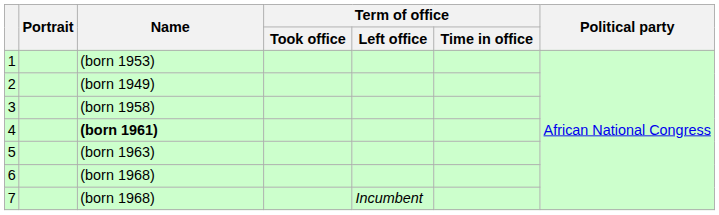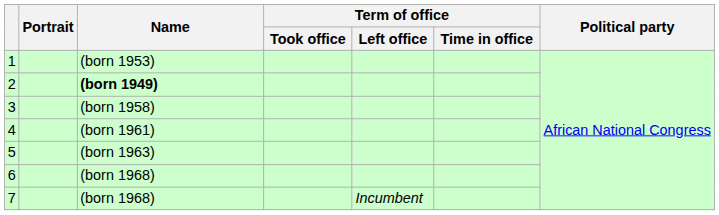 <table class="wikitable sortable">
 <tr>
 <th rowspan="2"></th>
 <th rowspan="2">Portrait</th>
 <th rowspan="2" width="200px">Name<br></th>
 <th colspan="3" width="300px">Term of office</th>
 <th rowspan="2">Political party</th>
 </tr>
 <tr>
 <th>Took office</th>
 <th>Left office</th>
 <th>Time in office</th>
 </tr>
 <tr bgcolor=#CCFFCC>
 <td>1</td>
 <td></td>
 <td> (born 1953)</td>
 <td></td>
 <td></td>
 <td></td>
 <td rowspan=7><a href='#'>African National Congress</a></td>
 </tr>
 <tr bgcolor=#CCFFCC>
 <td>2</td>
 <td></td>
-<td> (born 1949)</td>
+<td><strong> (born 1949)</strong></td>
 <td></td>
 <td></td>
 <td></td>
 </tr>
 <tr bgcolor=#CCFFCC>
 <td>3</td>
 <td></td>
 <td> (born 1958)</td>
 <td></td>
 <td></td>
 <td></td>
 </tr>
 <tr bgcolor=#CCFFCC>
 <td>4</td>
 <td></td>
-<td><strong> (born 1961)</strong></td>
+<td> (born 1961)</td>
 <td></td>
 <td></td>
 <td></td>
 </tr>
 <tr bgcolor=#CCFFCC>
 <td>5</td>
 <td></td>
 <td> (born 1963)</td>
 <td></td>
 <td></td>
 <td></td>
 </tr>
 <tr bgcolor=#CCFFCC>
 <td>6</td>
 <td></td>
 <td> (born 1968)</td>
 <td></td>
 <td></td>
 <td></td>
 </tr>
 <tr bgcolor=#CCFFCC>
 <td>7</td>
 <td></td>
 <td> (born 1968)</td>
 <td></td>
 <td><em>Incumbent</em></td>
 <td></td>
 </tr>
 </table>
